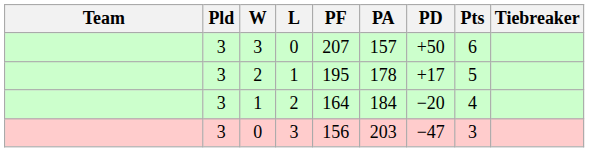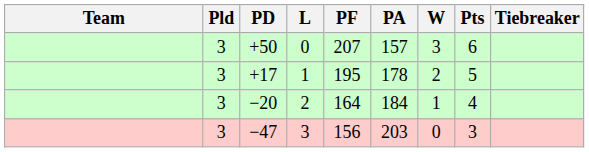 <table class="wikitable" style="text-align:center;">
 <tr>
 <th width=170>Team</th>
 <th width=25>Pld</th>
-<th width=25>W</th>
+<th width=35>PD</th>
 <th width=25>L</th>
 <th width=35>PF</th>
 <th width=35>PA</th>
-<th width=35>PD</th>
+<th width=25>W</th>
 <th width=25>Pts</th>
 <th width=50>Tiebreaker</th>
 </tr>
 <tr bgcolor=ccffcc>
 <td align="left"></td>
 <td>3</td>
-<td>3</td>
+<td>+50</td>
 <td>0</td>
 <td>207</td>
 <td>157</td>
-<td>+50</td>
+<td>3</td>
 <td>6</td>
 <td></td>
 </tr>
 <tr bgcolor=ccffcc>
 <td align="left"></td>
 <td>3</td>
-<td>2</td>
+<td>+17</td>
 <td>1</td>
 <td>195</td>
 <td>178</td>
-<td>+17</td>
+<td>2</td>
 <td>5</td>
 <td></td>
 </tr>
 <tr bgcolor=ccffcc>
 <td align="left"></td>
 <td>3</td>
-<td>1</td>
+<td>−20</td>
 <td>2</td>
 <td>164</td>
 <td>184</td>
-<td>−20</td>
+<td>1</td>
 <td>4</td>
 <td></td>
 </tr>
 <tr bgcolor=ffcccc>
 <td align="left"></td>
 <td>3</td>
-<td>0</td>
+<td>−47</td>
 <td>3</td>
 <td>156</td>
 <td>203</td>
-<td>−47</td>
+<td>0</td>
 <td>3</td>
 <td></td>
 </tr>
 </table>
